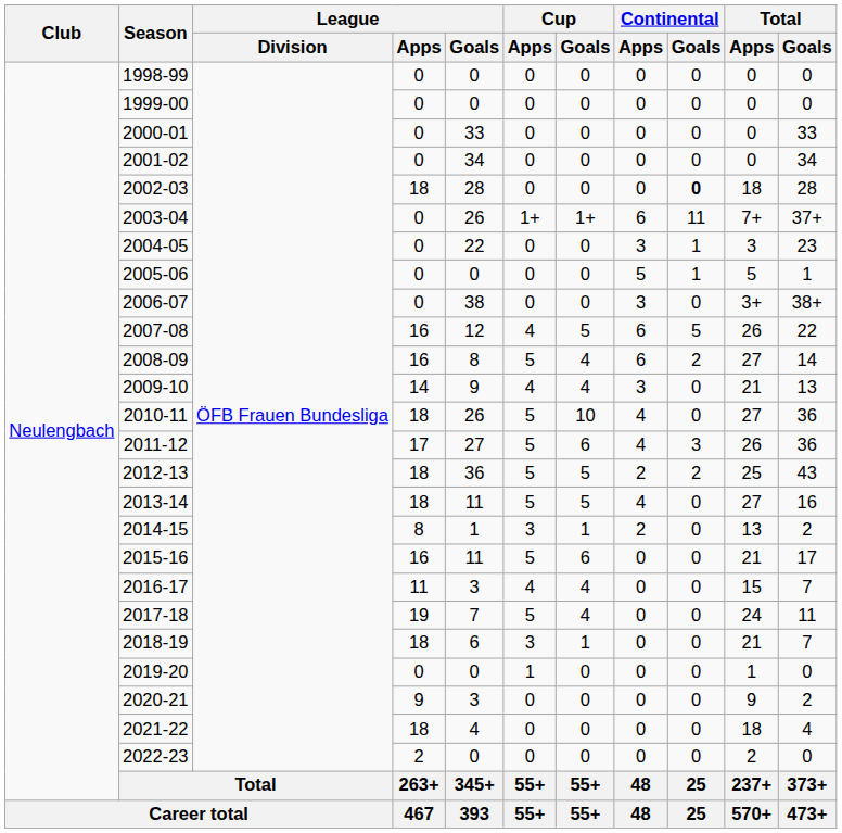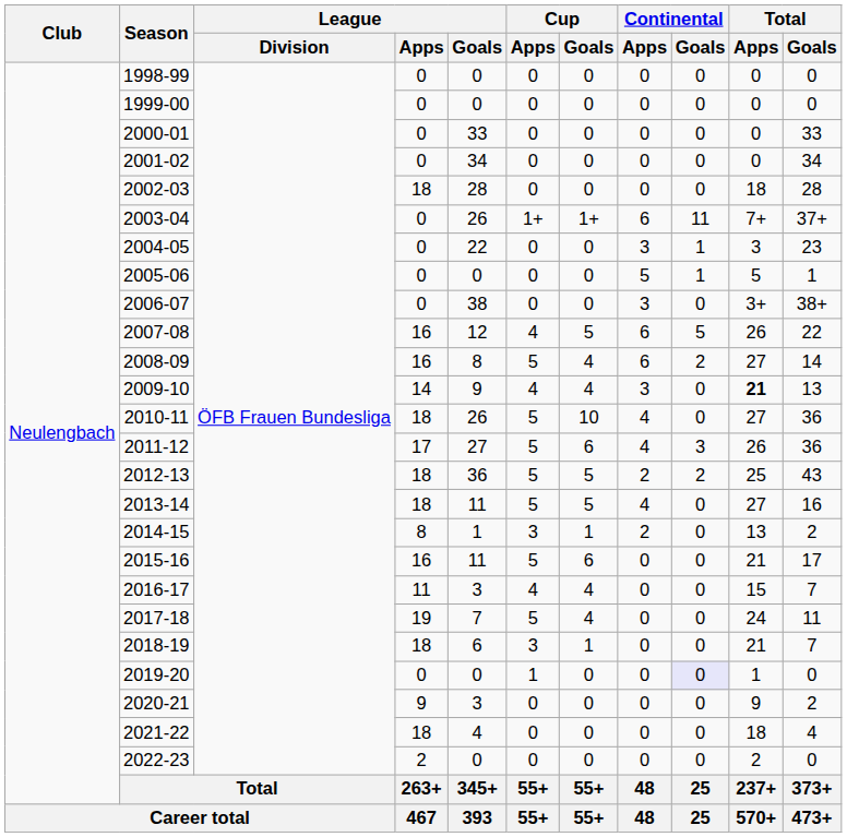 <table class="wikitable" style="text-align:center">
 <tr>
 <th rowspan="2">Club</th>
 <th rowspan="2">Season</th>
 <th colspan="3">League</th>
 <th colspan="2">Cup</th>
 <th colspan="2"><a href='#'>Continental</a></th>
 <th colspan="2">Total</th>
 </tr>
 <tr>
 <th>Division</th>
 <th>Apps</th>
 <th>Goals</th>
 <th>Apps</th>
 <th>Goals</th>
 <th>Apps</th>
 <th>Goals</th>
 <th>Apps</th>
 <th>Goals</th>
 </tr>
 <tr>
 <td rowspan="26"><a href='#'>Neulengbach</a></td>
 <td>1998-99</td>
 <td rowspan="25"><a href='#'>ÖFB Frauen Bundesliga</a></td>
 <td>0</td>
 <td>0</td>
 <td>0</td>
 <td>0</td>
 <td>0</td>
 <td>0</td>
 <td>0</td>
 <td>0</td>
 </tr>
 <tr>
 <td>1999-00</td>
 <td>0</td>
 <td>0</td>
 <td>0</td>
 <td>0</td>
 <td>0</td>
 <td>0</td>
 <td>0</td>
 <td>0</td>
 </tr>
 <tr>
 <td>2000-01</td>
 <td>0</td>
 <td>33</td>
 <td>0</td>
 <td>0</td>
 <td>0</td>
 <td>0</td>
 <td>0</td>
 <td>33</td>
 </tr>
 <tr>
 <td>2001-02</td>
 <td>0</td>
 <td>34</td>
 <td>0</td>
 <td>0</td>
 <td>0</td>
 <td>0</td>
 <td>0</td>
 <td>34</td>
 </tr>
 <tr>
 <td>2002-03</td>
 <td>18</td>
 <td>28</td>
 <td>0</td>
 <td>0</td>
 <td>0</td>
-<td><strong>0</strong></td>
+<td>0</td>
 <td>18</td>
 <td>28</td>
 </tr>
 <tr>
 <td>2003-04</td>
 <td>0</td>
 <td>26</td>
 <td>1+</td>
 <td>1+</td>
 <td>6</td>
 <td>11</td>
 <td>7+</td>
 <td>37+</td>
 </tr>
 <tr>
 <td>2004-05</td>
 <td>0</td>
 <td>22</td>
 <td>0</td>
 <td>0</td>
 <td>3</td>
 <td>1</td>
 <td>3</td>
 <td>23</td>
 </tr>
 <tr>
 <td>2005-06</td>
 <td>0</td>
 <td>0</td>
 <td>0</td>
 <td>0</td>
 <td>5</td>
 <td>1</td>
 <td>5</td>
 <td>1</td>
 </tr>
 <tr>
 <td>2006-07</td>
 <td>0</td>
 <td>38</td>
 <td>0</td>
 <td>0</td>
 <td>3</td>
 <td>0</td>
 <td>3+</td>
 <td>38+</td>
 </tr>
 <tr>
 <td>2007-08</td>
 <td>16</td>
 <td>12</td>
 <td>4</td>
 <td>5</td>
 <td>6</td>
 <td>5</td>
 <td>26</td>
 <td>22</td>
 </tr>
 <tr>
 <td>2008-09</td>
 <td>16</td>
 <td>8</td>
 <td>5</td>
 <td>4</td>
 <td>6</td>
 <td>2</td>
 <td>27</td>
 <td>14</td>
 </tr>
 <tr>
 <td>2009-10</td>
 <td>14</td>
 <td>9</td>
 <td>4</td>
 <td>4</td>
 <td>3</td>
 <td>0</td>
-<td>21</td>
+<td><strong>21</strong></td>
 <td>13</td>
 </tr>
 <tr>
 <td>2010-11</td>
 <td>18</td>
 <td>26</td>
 <td>5</td>
 <td>10</td>
 <td>4</td>
 <td>0</td>
 <td>27</td>
 <td>36</td>
 </tr>
 <tr>
 <td>2011-12</td>
 <td>17</td>
 <td>27</td>
 <td>5</td>
 <td>6</td>
 <td>4</td>
 <td>3</td>
 <td>26</td>
 <td>36</td>
 </tr>
 <tr>
 <td>2012-13</td>
 <td>18</td>
 <td>36</td>
 <td>5</td>
 <td>5</td>
 <td>2</td>
 <td>2</td>
 <td>25</td>
 <td>43</td>
 </tr>
 <tr>
 <td>2013-14</td>
 <td>18</td>
 <td>11</td>
 <td>5</td>
 <td>5</td>
 <td>4</td>
 <td>0</td>
 <td>27</td>
 <td>16</td>
 </tr>
 <tr>
 <td>2014-15</td>
 <td>8</td>
 <td>1</td>
 <td>3</td>
 <td>1</td>
 <td>2</td>
 <td>0</td>
 <td>13</td>
 <td>2</td>
 </tr>
 <tr>
 <td>2015-16</td>
 <td>16</td>
 <td>11</td>
 <td>5</td>
 <td>6</td>
 <td>0</td>
 <td>0</td>
 <td>21</td>
 <td>17</td>
 </tr>
 <tr>
 <td>2016-17</td>
 <td>11</td>
 <td>3</td>
 <td>4</td>
 <td>4</td>
 <td>0</td>
 <td>0</td>
 <td>15</td>
 <td>7</td>
 </tr>
 <tr>
 <td>2017-18</td>
 <td>19</td>
 <td>7</td>
 <td>5</td>
 <td>4</td>
 <td>0</td>
 <td>0</td>
 <td>24</td>
 <td>11</td>
 </tr>
 <tr>
 <td>2018-19</td>
 <td>18</td>
 <td>6</td>
 <td>3</td>
 <td>1</td>
 <td>0</td>
 <td>0</td>
 <td>21</td>
 <td>7</td>
 </tr>
 <tr>
 <td>2019-20</td>
 <td>0</td>
 <td>0</td>
 <td>1</td>
 <td>0</td>
 <td>0</td>
-<td>0</td>
+<td style="background: lavender;">0</td>
 <td>1</td>
 <td>0</td>
 </tr>
 <tr>
 <td>2020-21</td>
 <td>9</td>
 <td>3</td>
 <td>0</td>
 <td>0</td>
 <td>0</td>
 <td>0</td>
 <td>9</td>
 <td>2</td>
 </tr>
 <tr>
 <td>2021-22</td>
 <td>18</td>
 <td>4</td>
 <td>0</td>
 <td>0</td>
 <td>0</td>
 <td>0</td>
 <td>18</td>
 <td>4</td>
 </tr>
 <tr>
 <td>2022-23</td>
 <td>2</td>
 <td>0</td>
 <td>0</td>
 <td>0</td>
 <td>0</td>
 <td>0</td>
 <td>2</td>
 <td>0</td>
 </tr>
 <tr>
 <th colspan="2">Total</th>
 <th>263+</th>
 <th>345+</th>
 <th>55+</th>
 <th>55+</th>
 <th>48</th>
 <th>25</th>
 <th>237+</th>
 <th>373+</th>
 </tr>
 <tr>
 <th colspan="3">Career total</th>
 <th>467</th>
 <th>393</th>
 <th>55+</th>
 <th>55+</th>
 <th>48</th>
 <th>25</th>
 <th>570+</th>
 <th>473+</th>
 </tr>
 </table>
